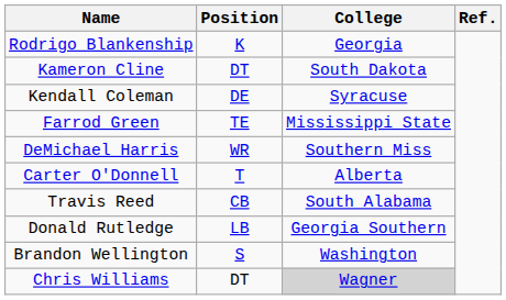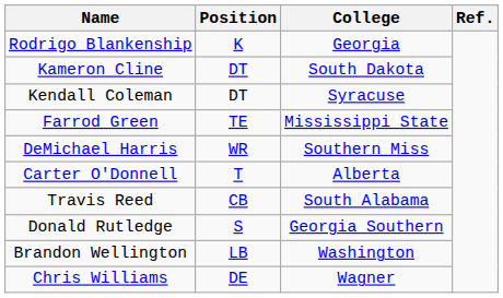 <table class="wikitable" style="text-align:center">
 <tr>
 <th>Name</th>
 <th>Position</th>
 <th>College</th>
 <th>Ref.</th>
 </tr>
 <tr>
 <td><a href='#'>Rodrigo Blankenship</a></td>
 <td><a href='#'>K</a></td>
 <td><a href='#'>Georgia</a></td>
 <td rowspan = 10></td>
 </tr>
 <tr>
 <td><a href='#'>Kameron Cline</a></td>
 <td><a href='#'>DT</a></td>
 <td><a href='#'>South Dakota</a></td>
 </tr>
 <tr>
 <td>Kendall Coleman</td>
-<td><a href='#'>DE</a></td>
+<td>DT</td>
 <td><a href='#'>Syracuse</a></td>
 </tr>
 <tr>
 <td><a href='#'>Farrod Green</a></td>
 <td><a href='#'>TE</a></td>
 <td><a href='#'>Mississippi State</a></td>
 </tr>
 <tr>
 <td><a href='#'>DeMichael Harris</a></td>
 <td><a href='#'>WR</a></td>
 <td><a href='#'>Southern Miss</a></td>
 </tr>
 <tr>
 <td><a href='#'>Carter O'Donnell</a></td>
 <td><a href='#'>T</a></td>
 <td><a href='#'>Alberta</a></td>
 </tr>
 <tr>
 <td>Travis Reed</td>
 <td><a href='#'>CB</a></td>
 <td><a href='#'>South Alabama</a></td>
 </tr>
 <tr>
 <td>Donald Rutledge</td>
-<td><a href='#'>LB</a></td>
+<td><a href='#'>S</a></td>
 <td><a href='#'>Georgia Southern</a></td>
 </tr>
 <tr>
 <td>Brandon Wellington</td>
-<td><a href='#'>S</a></td>
+<td><a href='#'>LB</a></td>
 <td><a href='#'>Washington</a></td>
 </tr>
 <tr>
 <td><a href='#'>Chris Williams</a></td>
-<td>DT</td>
-<td style="background: lightgrey;"><a href='#'>Wagner</a></td>
+<td><a href='#'>DE</a></td>
+<td><a href='#'>Wagner</a></td>
 </tr>
 </table>
